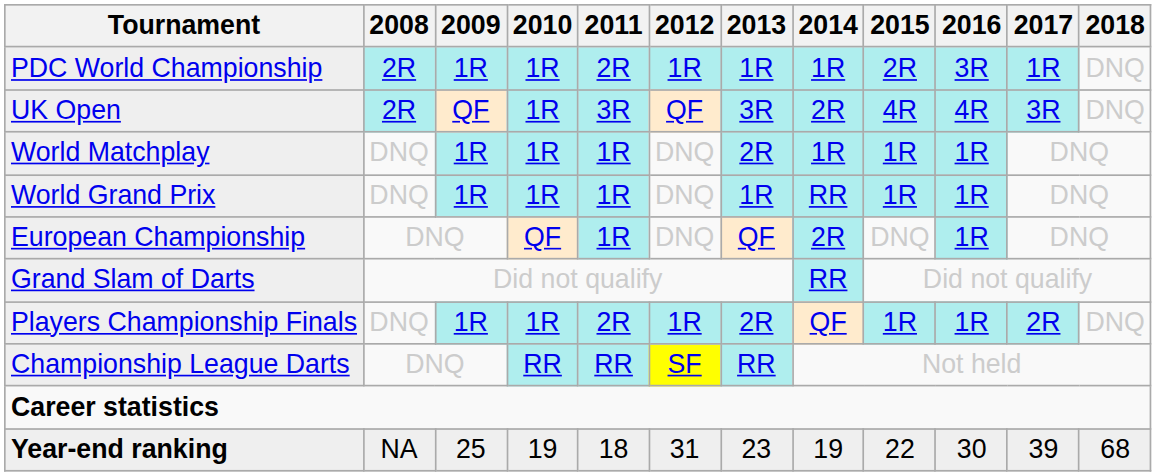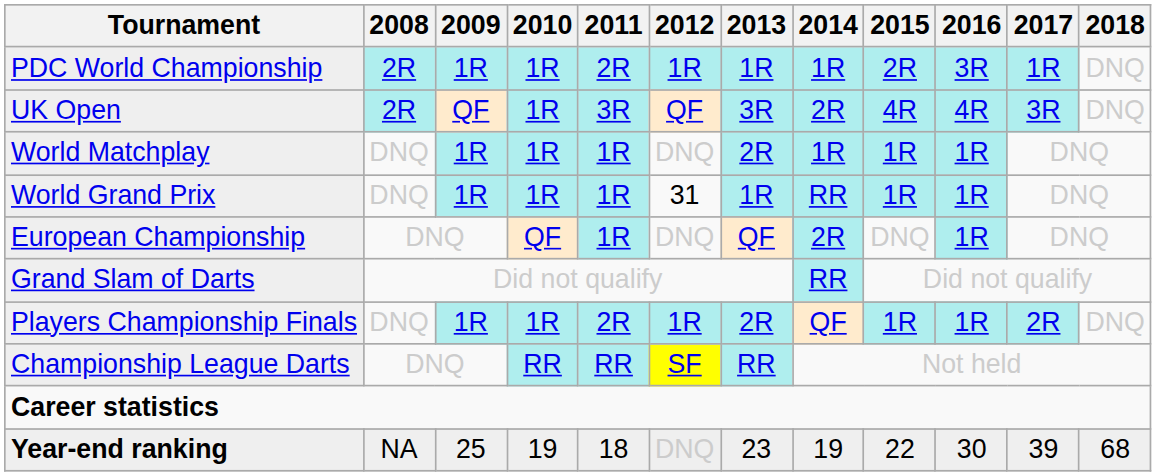 <table class="wikitable">
 <tr>
 <th>Tournament</th>
 <th>2008</th>
 <th>2009</th>
 <th>2010</th>
 <th>2011</th>
 <th>2012</th>
 <th>2013</th>
 <th>2014</th>
 <th>2015</th>
 <th>2016</th>
 <th>2017</th>
 <th>2018</th>
 </tr>
 <tr>
 <td style="background:#efefef;"><a href='#'>PDC World Championship</a></td>
 <td style="text-align:center; background:#afeeee;"><a href='#'>2R</a></td>
 <td style="text-align:center; background:#afeeee;"><a href='#'>1R</a></td>
 <td style="text-align:center; background:#afeeee;"><a href='#'>1R</a></td>
 <td style="text-align:center; background:#afeeee;"><a href='#'>2R</a></td>
 <td style="text-align:center; background:#afeeee;"><a href='#'>1R</a></td>
 <td style="text-align:center; background:#afeeee;"><a href='#'>1R</a></td>
 <td style="text-align:center; background:#afeeee;"><a href='#'>1R</a></td>
 <td style="text-align:center; background:#afeeee;"><a href='#'>2R</a></td>
 <td style="text-align:center; background:#afeeee;"><a href='#'>3R</a></td>
 <td style="text-align:center; background:#afeeee;"><a href='#'>1R</a></td>
 <td style ="text-align:center; color:#ccc;">DNQ</td>
 </tr>
 <tr>
 <td style="background:#efefef;"><a href='#'>UK Open</a></td>
 <td style="text-align:center; background:#afeeee;"><a href='#'>2R</a></td>
 <td style="text-align:center; background:#ffebcd;"><a href='#'>QF</a></td>
 <td style="text-align:center; background:#afeeee;"><a href='#'>1R</a></td>
 <td style="text-align:center; background:#afeeee;"><a href='#'>3R</a></td>
 <td style="text-align:center; background:#ffebcd;"><a href='#'>QF</a></td>
 <td style="text-align:center; background:#afeeee;"><a href='#'>3R</a></td>
 <td style="text-align:center; background:#afeeee;"><a href='#'>2R</a></td>
 <td style="text-align:center; background:#afeeee;"><a href='#'>4R</a></td>
 <td style="text-align:center; background:#afeeee;"><a href='#'>4R</a></td>
 <td style="text-align:center; background:#afeeee;"><a href='#'>3R</a></td>
 <td style ="text-align:center; color:#ccc;">DNQ</td>
 </tr>
 <tr>
 <td style="background:#efefef;"><a href='#'>World Matchplay</a></td>
 <td style="text-align:center; color:#ccc;">DNQ</td>
 <td style="text-align:center; background:#afeeee;"><a href='#'>1R</a></td>
 <td style="text-align:center; background:#afeeee;"><a href='#'>1R</a></td>
 <td style="text-align:center; background:#afeeee;"><a href='#'>1R</a></td>
 <td style="text-align:center; color:#ccc;">DNQ</td>
 <td style="text-align:center; background:#afeeee;"><a href='#'>2R</a></td>
 <td style="text-align:center; background:#afeeee;"><a href='#'>1R</a></td>
 <td style="text-align:center; background:#afeeee;"><a href='#'>1R</a></td>
 <td style="text-align:center; background:#afeeee;"><a href='#'>1R</a></td>
 <td colspan="2" style="text-align:center; color:#ccc;">DNQ</td>
 </tr>
 <tr>
 <td style="background:#efefef;"><a href='#'>World Grand Prix</a></td>
 <td style="text-align:center; color:#ccc;">DNQ</td>
 <td style="text-align:center; background:#afeeee;"><a href='#'>1R</a></td>
 <td style="text-align:center; background:#afeeee;"><a href='#'>1R</a></td>
 <td style="text-align:center; background:#afeeee;"><a href='#'>1R</a></td>
-<td style="text-align:center; color:#ccc;">DNQ</td>
+<td style="text-align:center;">31</td>
 <td style="text-align:center; background:#afeeee;"><a href='#'>1R</a></td>
 <td style="text-align:center; background:#afeeee;"><a href='#'>RR</a></td>
 <td style="text-align:center; background:#afeeee;"><a href='#'>1R</a></td>
 <td style="text-align:center; background:#afeeee;"><a href='#'>1R</a></td>
 <td colspan="2" style="text-align:center; color:#ccc;">DNQ</td>
 </tr>
 <tr>
 <td style="background:#efefef;"><a href='#'>European Championship</a></td>
 <td colspan="2"  style="text-align:center; color:#ccc;">DNQ</td>
 <td style="text-align:center; background:#ffebcd;"><a href='#'>QF</a></td>
 <td style="text-align:center; background:#afeeee;"><a href='#'>1R</a></td>
 <td style="text-align:center; color:#ccc;">DNQ</td>
 <td style="text-align:center; background:#ffebcd;"><a href='#'>QF</a></td>
 <td style="text-align:center; background:#afeeee;"><a href='#'>2R</a></td>
 <td style="text-align:center; color:#ccc;">DNQ</td>
 <td style="text-align:center; background:#afeeee;"><a href='#'>1R</a></td>
 <td colspan="2" style="text-align:center; color:#ccc;">DNQ</td>
 </tr>
 <tr>
 <td style="background:#efefef;"><a href='#'>Grand Slam of Darts</a></td>
 <td colspan="6" style="text-align:center; color:#ccc;">Did not qualify</td>
 <td style="text-align:center; background:#afeeee;"><a href='#'>RR</a></td>
 <td colspan="4" style="text-align:center; color:#ccc;">Did not qualify</td>
 </tr>
 <tr>
 <td style="background:#efefef;"><a href='#'>Players Championship Finals</a></td>
 <td style="text-align:center; color:#ccc;">DNQ</td>
 <td style="text-align:center; background:#afeeee;"><a href='#'>1R</a></td>
 <td style="text-align:center; background:#afeeee;"><a href='#'>1R</a></td>
 <td style="text-align:center; background:#afeeee;"><a href='#'>2R</a></td>
 <td style="text-align:center; background:#afeeee;"><a href='#'>1R</a></td>
 <td style="text-align:center; background:#afeeee;"><a href='#'>2R</a></td>
 <td style="text-align:center; background:#ffebcd;"><a href='#'>QF</a></td>
 <td style="text-align:center; background:#afeeee;"><a href='#'>1R</a></td>
 <td style="text-align:center; background:#afeeee;"><a href='#'>1R</a></td>
 <td style="text-align:center; background:#afeeee;"><a href='#'>2R</a></td>
 <td style="text-align:center; color:#ccc;">DNQ</td>
 </tr>
 <tr>
 <td style="background:#efefef;"><a href='#'>Championship League Darts</a></td>
 <td colspan="2" style="text-align:center; color:#ccc;">DNQ</td>
 <td style="text-align:center; background:#afeeee;"><a href='#'>RR</a></td>
 <td style="text-align:center; background:#afeeee;"><a href='#'>RR</a></td>
 <td style="text-align:center; background:yellow;"><a href='#'>SF</a></td>
 <td style="text-align:center; background:#afeeee;"><a href='#'>RR</a></td>
 <td colspan="5" style="text-align:center; color:#ccc;">Not held</td>
 </tr>
 <tr>
 <td colspan="21" align="left"><strong>Career statistics</strong></td>
 </tr>
 <tr bgcolor="efefef">
 <td align="left"><strong>Year-end ranking</strong></td>
 <td style="text-align:center;">NA</td>
 <td style="text-align:center;">25</td>
 <td style="text-align:center;">19</td>
 <td style="text-align:center;">18</td>
-<td style="text-align:center;">31</td>
+<td style="text-align:center; color:#ccc;">DNQ</td>
 <td style="text-align:center;">23</td>
 <td style="text-align:center;">19</td>
 <td style="text-align:center;">22</td>
 <td style="text-align:center;">30</td>
 <td style="text-align:center;">39</td>
 <td style="text-align:center;">68</td>
 </tr>
 </table>
